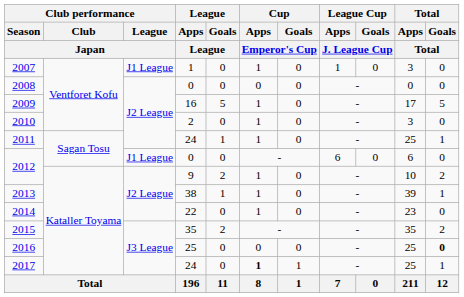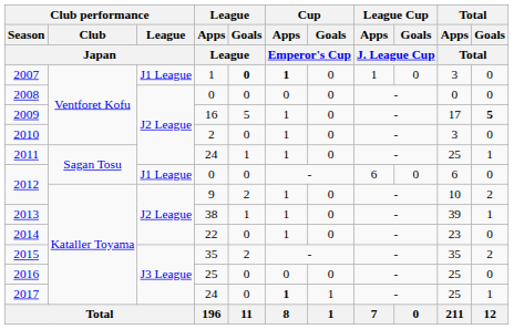 <table class="wikitable" style="text-align:center;">
 <tr>
 <th colspan=3>Club performance</th>
 <th colspan=2>League</th>
 <th colspan=2>Cup</th>
 <th colspan=2>League Cup</th>
 <th colspan=2>Total</th>
 </tr>
 <tr>
 <th>Season</th>
 <th>Club</th>
 <th>League</th>
 <th>Apps</th>
 <th>Goals</th>
 <th>Apps</th>
 <th>Goals</th>
 <th>Apps</th>
 <th>Goals</th>
 <th>Apps</th>
 <th>Goals</th>
 </tr>
 <tr>
 <th colspan=3>Japan</th>
 <th colspan=2>League</th>
 <th colspan=2><a href='#'>Emperor's Cup</a></th>
 <th colspan=2><a href='#'>J. League Cup</a></th>
 <th colspan=2>Total</th>
 </tr>
 <tr>
 <td><a href='#'>2007</a></td>
 <td rowspan="4"><a href='#'>Ventforet Kofu</a></td>
 <td><a href='#'>J1 League</a></td>
 <td>1</td>
-<td>0</td>
-<td>1</td>
+<td><strong>0</strong></td>
+<td><strong>1</strong></td>
 <td>0</td>
 <td>1</td>
 <td>0</td>
 <td>3</td>
 <td>0</td>
 </tr>
 <tr>
 <td><a href='#'>2008</a></td>
 <td rowspan="4"><a href='#'>J2 League</a></td>
 <td>0</td>
 <td>0</td>
 <td>0</td>
 <td>0</td>
 <td colspan="2">-</td>
 <td>0</td>
 <td>0</td>
 </tr>
 <tr>
 <td><a href='#'>2009</a></td>
 <td>16</td>
 <td>5</td>
 <td>1</td>
 <td>0</td>
 <td colspan="2">-</td>
 <td>17</td>
-<td>5</td>
+<td><strong>5</strong></td>
 </tr>
 <tr>
 <td><a href='#'>2010</a></td>
 <td>2</td>
 <td>0</td>
 <td>1</td>
 <td>0</td>
 <td colspan="2">-</td>
 <td>3</td>
 <td>0</td>
 </tr>
 <tr>
 <td><a href='#'>2011</a></td>
 <td rowspan="2"><a href='#'>Sagan Tosu</a></td>
 <td>24</td>
 <td>1</td>
 <td>1</td>
 <td>0</td>
 <td colspan="2">-</td>
 <td>25</td>
 <td>1</td>
 </tr>
 <tr>
 <td rowspan="2"><a href='#'>2012</a></td>
 <td><a href='#'>J1 League</a></td>
 <td>0</td>
 <td>0</td>
 <td colspan="2">-</td>
 <td>6</td>
 <td>0</td>
 <td>6</td>
 <td>0</td>
 </tr>
 <tr>
 <td rowspan="6"><a href='#'>Kataller Toyama</a></td>
 <td rowspan="3"><a href='#'>J2 League</a></td>
 <td>9</td>
 <td>2</td>
 <td>1</td>
 <td>0</td>
 <td colspan="2">-</td>
 <td>10</td>
 <td>2</td>
 </tr>
 <tr>
 <td><a href='#'>2013</a></td>
 <td>38</td>
 <td>1</td>
 <td>1</td>
 <td>0</td>
 <td colspan="2">-</td>
 <td>39</td>
 <td>1</td>
 </tr>
 <tr>
 <td><a href='#'>2014</a></td>
 <td>22</td>
 <td>0</td>
 <td>1</td>
 <td>0</td>
 <td colspan="2">-</td>
 <td>23</td>
 <td>0</td>
 </tr>
 <tr>
 <td><a href='#'>2015</a></td>
 <td rowspan="3"><a href='#'>J3 League</a></td>
 <td>35</td>
 <td>2</td>
 <td colspan="2">-</td>
 <td colspan="2">-</td>
 <td>35</td>
 <td>2</td>
 </tr>
 <tr>
 <td><a href='#'>2016</a></td>
 <td>25</td>
 <td>0</td>
 <td>0</td>
 <td>0</td>
 <td colspan="2">-</td>
 <td>25</td>
-<td><strong>0</strong></td>
+<td>0</td>
 </tr>
 <tr>
 <td><a href='#'>2017</a></td>
 <td>24</td>
 <td>0</td>
 <td><strong>1</strong></td>
 <td>1</td>
 <td colspan="2">-</td>
 <td>25</td>
 <td>1</td>
 </tr>
 <tr>
 <th colspan=3>Total</th>
 <th>196</th>
 <th>11</th>
 <th>8</th>
 <th>1</th>
 <th>7</th>
 <th>0</th>
 <th>211</th>
 <th>12</th>
 </tr>
 </table>
